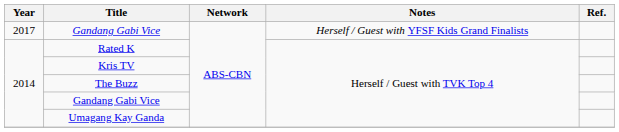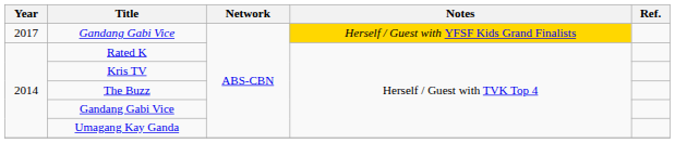 <table class="wikitable" style="text-align:center" width=70%>
 <tr>
 <th>Year</th>
 <th>Title</th>
 <th>Network</th>
 <th>Notes</th>
 <th>Ref.</th>
 </tr>
 <tr>
 <td>2017</td>
 <td><em><a href='#'>Gandang Gabi Vice</a></em></td>
 <td rowspan=6><a href='#'>ABS-CBN</a></td>
-<td><em>Herself / Guest with </em><a href='#'>YFSF Kids Grand Finalists</a><em></td>
+<td style="background: gold;"><em>Herself / Guest with </em><a href='#'>YFSF Kids Grand Finalists</a><em></td>
 <td></td>
 </tr>
 <tr>
 <td rowspan=5>2014</td>
 <td></em><a href='#'>Rated K</a><em></td>
 <td rowspan=5></em>Herself / Guest with <a href='#'>TVK Top 4</a><em></td>
 <td></td>
 </tr>
 <tr>
 <td></em><a href='#'>Kris TV</a><em></td>
 <td></td>
 </tr>
 <tr>
 <td></em><a href='#'>The Buzz</a><em></td>
 <td></td>
 </tr>
 <tr>
 <td></em><a href='#'>Gandang Gabi Vice</a><em></td>
 <td></td>
 </tr>
 <tr>
 <td></em><a href='#'>Umagang Kay Ganda</a><em></td>
 <td></td>
 </tr>
 <tr>
 </tr>
 </table>
